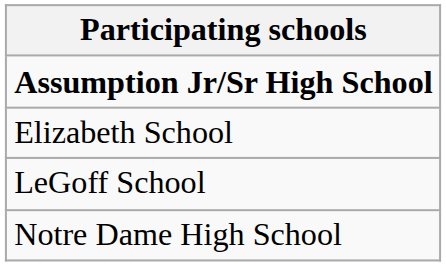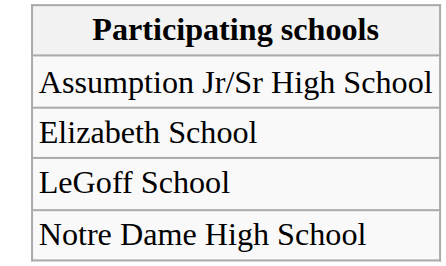 <table class="wikitable" align=right>
 <tr>
 <th>Participating schools</th>
 </tr>
 <tr>
-<td><strong>Assumption Jr/Sr High School</strong></td>
+<td>Assumption Jr/Sr High School</td>
 </tr>
 <tr>
 <td>Elizabeth School</td>
 </tr>
 <tr>
 <td>LeGoff School</td>
 </tr>
 <tr>
 <td>Notre Dame High School</td>
 </tr>
 </table>
